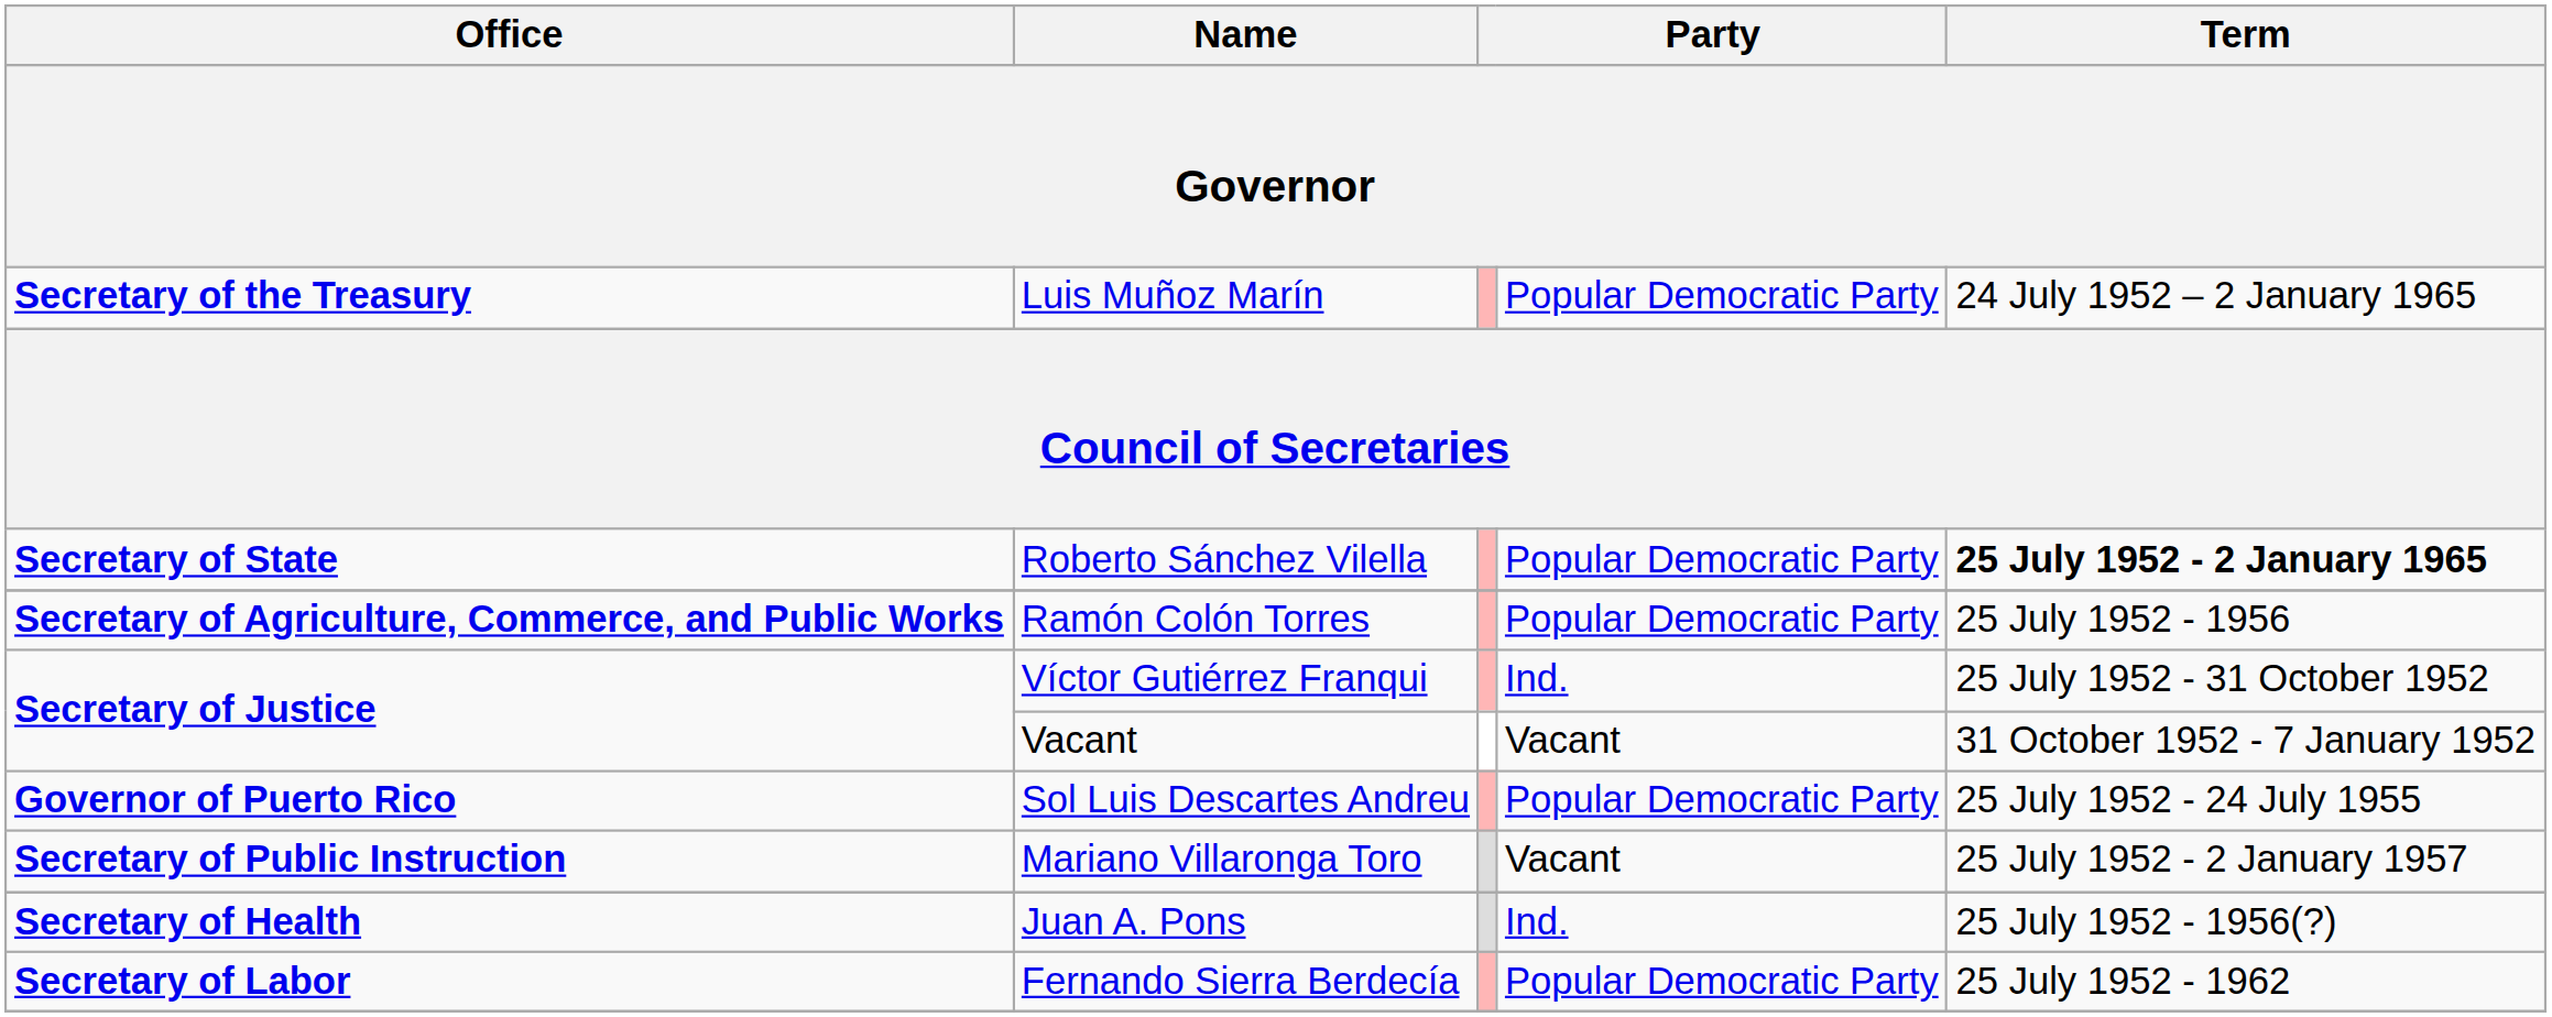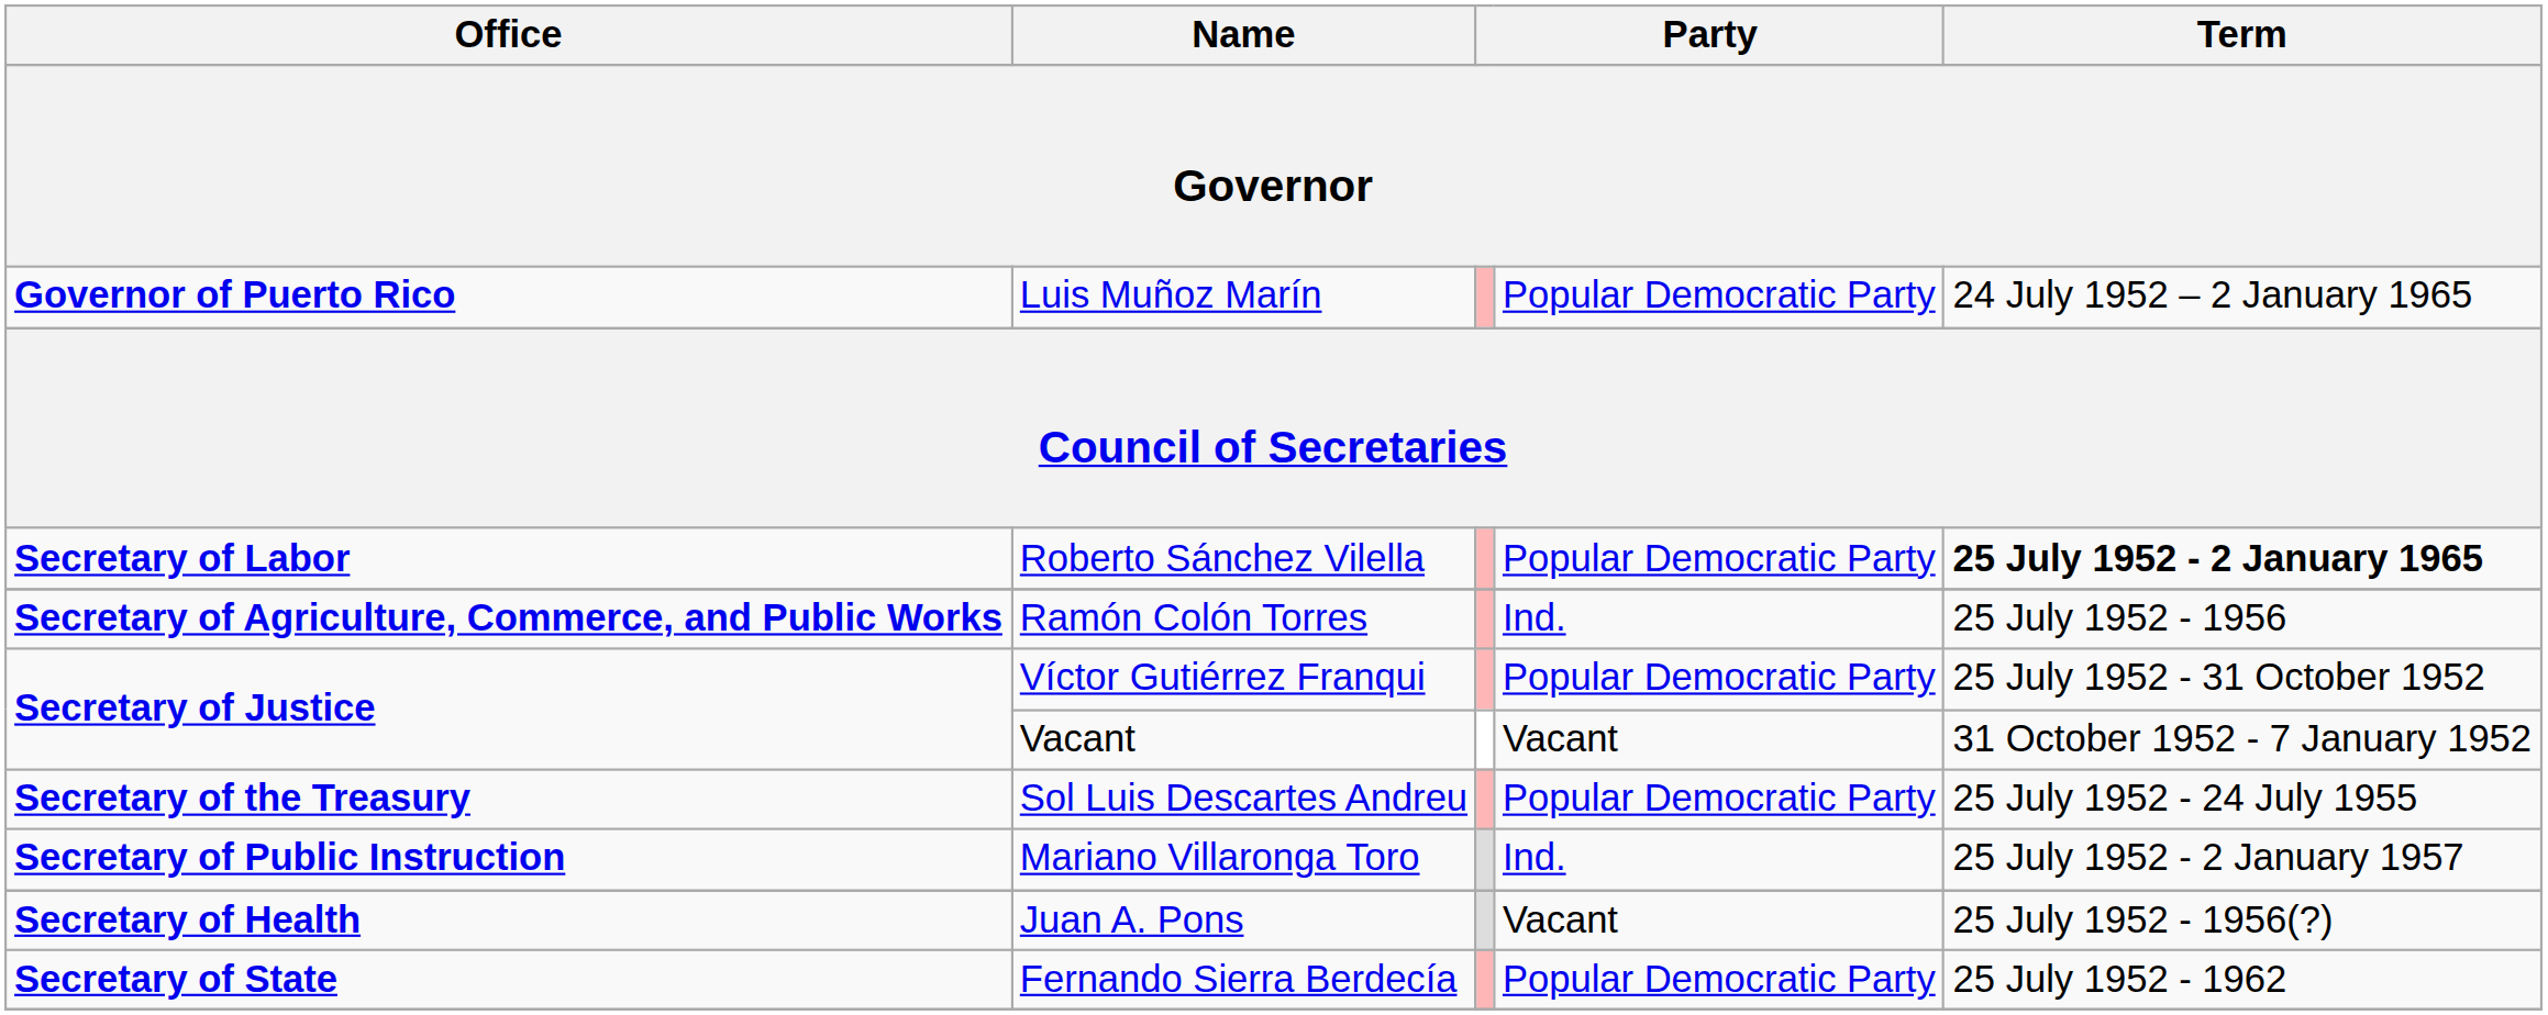 <table class="wikitable">
 <tr>
 <th>Office</th>
 <th>Name</th>
 <th colspan="2">Party</th>
 <th>Term</th>
 </tr>
 <tr>
 </tr>
 <tr>
 <th colspan="9"><br><h3>Governor</h3></th>
 </tr>
 <tr>
-<td><strong><a href='#'>Secretary of the Treasury</a></strong><br></td>
+<td rowspan="1"><strong><a href='#'>Governor of Puerto Rico</a></strong><br></td>
 <td><a href='#'>Luis Muñoz Marín</a></td>
 <td style="background-color:#FFB6B6"></td>
 <td><a href='#'>Popular Democratic Party</a></td>
 <td>24 July 1952 – 2 January 1965</td>
 </tr>
 <tr>
 </tr>
 <tr>
 <th colspan="9"><br><h3><a href='#'>Council of Secretaries</a></h3></th>
 </tr>
 <tr>
-<td rowspan="1"><strong><a href='#'>Secretary of State</a></strong><br></td>
+<td rowspan="1"><strong><a href='#'>Secretary of Labor</a></strong><br></td>
 <td><a href='#'>Roberto Sánchez Vilella</a></td>
 <td style="background-color:#FFB6B6"></td>
 <td><a href='#'>Popular Democratic Party</a></td>
 <td><strong>25 July 1952 - 2 January 1965</strong></td>
 </tr>
 <tr>
 </tr>
 <tr>
 <td rowspan="1"><strong><a href='#'>Secretary of Agriculture, Commerce, and Public Works</a></strong><br></td>
 <td><a href='#'>Ramón Colón Torres</a></td>
 <td style="background-color:#FFB6B6"></td>
-<td><a href='#'>Popular Democratic Party</a></td>
+<td><a href='#'>Ind.</a></td>
 <td>25 July 1952 - 1956</td>
 </tr>
 <tr>
 <td rowspan="2"><strong><a href='#'>Secretary of Justice</a></strong><br></td>
 <td><a href='#'>Víctor Gutiérrez Franqui</a></td>
 <td style="background-color:#FFB6B6"></td>
-<td><a href='#'>Ind.</a></td>
+<td><a href='#'>Popular Democratic Party</a></td>
 <td>25 July 1952 - 31 October 1952</td>
 </tr>
 <tr>
 <td>Vacant</td>
 <td style="background-color:#FFFFFF"></td>
 <td>Vacant</td>
 <td>31 October 1952 - 7 January 1952</td>
 </tr>
 <tr>
-<td rowspan="1"><strong><a href='#'>Governor of Puerto Rico</a></strong><br></td>
+<td><strong><a href='#'>Secretary of the Treasury</a></strong><br></td>
 <td><a href='#'>Sol Luis Descartes Andreu</a></td>
 <td style="background-color:#FFB6B6"></td>
 <td><a href='#'>Popular Democratic Party</a></td>
 <td>25 July 1952 - 24 July 1955</td>
 </tr>
 <tr>
 <td rowspan="1"><strong><a href='#'>Secretary of Public Instruction</a></strong><br></td>
 <td><a href='#'>Mariano Villaronga Toro</a></td>
 <td style="background-color:#DDDDDD"></td>
-<td>Vacant</td>
+<td><a href='#'>Ind.</a></td>
 <td>25 July 1952 - 2 January 1957</td>
 </tr>
 <tr>
 </tr>
 <tr>
 <td rowspan="1"><strong><a href='#'>Secretary of Health</a></strong><br></td>
 <td><a href='#'>Juan A. Pons</a></td>
 <td style="background-color:#DDDDDD"></td>
-<td><a href='#'>Ind.</a></td>
+<td>Vacant</td>
 <td>25 July 1952 - 1956(?)</td>
 </tr>
 <tr>
-<td rowspan="1"><strong><a href='#'>Secretary of Labor</a></strong><br></td>
+<td rowspan="1"><strong><a href='#'>Secretary of State</a></strong><br></td>
 <td><a href='#'>Fernando Sierra Berdecía</a></td>
 <td style="background-color:#FFB6B6"></td>
 <td><a href='#'>Popular Democratic Party</a></td>
 <td>25 July 1952 - 1962</td>
 </tr>
 <tr>
 </tr>
 </table>
